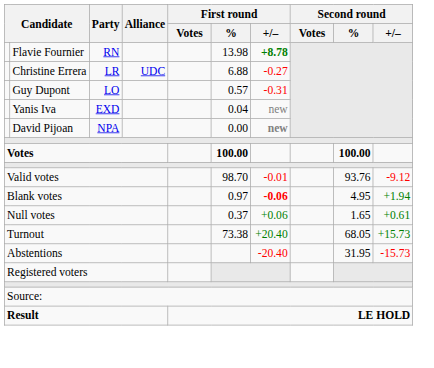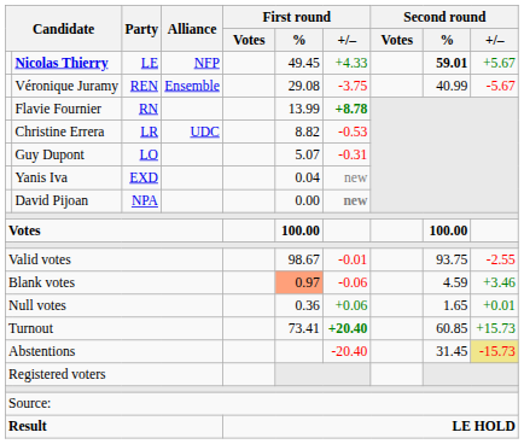 <table class="wikitable" style="text-align:right;font-size:95%;">
 <tr>
 <th rowspan="2" colspan="2">Candidate</th>
 <th colspan="1" rowspan="2">Party</th>
 <th colspan="1" rowspan="2">Alliance</th>
 <th colspan="3">First round</th>
 <th colspan="3">Second round</th>
 </tr>
 <tr>
 <th style="width:50px;">Votes</th>
 <th style="width:45px;">%</th>
 <th style="width:45px;">+/–</th>
 <th style="width:50px;">Votes</th>
 <th style="width:45px;">%</th>
 <th style="width:45px;">+/–</th>
 </tr>
 <tr>
 <td style="color:inherit;background:"></td>
+<td style="text-align:left;"><strong><a href='#'>Nicolas Thierry</a></strong></td>
+<td><a href='#'>LE</a></td>
+<td><a href='#'>NFP</a></td>
+<td></td>
+<td>49.45</td>
+<td style="color:green;">+4.33</td>
+<td><strong></strong></td>
+<td><strong>59.01</strong></td>
+<td style="color:green;">+5.67</td>
+</tr>
+<tr>
+<td style="color:inherit;background:"></td>
+<td style="text-align:left;">Véronique Juramy</td>
+<td><a href='#'>REN</a></td>
+<td><a href='#'>Ensemble</a></td>
+<td></td>
+<td>29.08</td>
+<td style="color:red;">-3.75</td>
+<td></td>
+<td>40.99</td>
+<td style="color:red;">-5.67</td>
+</tr>
+<tr>
+<td style="color:inherit;background:"></td>
 <td style="text-align:left;">Flavie Fournier</td>
 <td><a href='#'>RN</a></td>
 <td></td>
 <td></td>
-<td>13.98</td>
+<td>13.99</td>
 <td style="color:green;"><strong>+8.78</strong></td>
 <td colspan="3" rowspan="5" style="background:#E9E9E9;"></td>
 </tr>
 <tr>
 <td style="color:inherit;background:"></td>
 <td style="text-align:left;">Christine Errera</td>
 <td><a href='#'>LR</a></td>
 <td><a href='#'>UDC</a></td>
 <td></td>
-<td>6.88</td>
-<td style="color:red;">-0.27</td>
+<td>8.82</td>
+<td style="color:red;">-0.53</td>
 </tr>
 <tr>
 <td style="color:inherit;background:"></td>
 <td style="text-align:left;">Guy Dupont</td>
 <td><a href='#'>LO</a></td>
 <td></td>
 <td></td>
-<td>0.57</td>
+<td>5.07</td>
 <td style="color:red;">-0.31</td>
 </tr>
 <tr>
 <td style="color:inherit;background:"></td>
 <td style="text-align:left;">Yanis Iva</td>
 <td><a href='#'>EXD</a></td>
 <td></td>
 <td></td>
 <td>0.04</td>
 <td style="color:grey;">new</td>
 </tr>
 <tr>
 <td style="color:inherit;background:"></td>
 <td style="text-align:left;">David Pijoan</td>
 <td><a href='#'>NPA</a></td>
 <td></td>
 <td></td>
 <td>0.00</td>
 <td style="color:grey;"><strong>new</strong></td>
 </tr>
 <tr>
 <td colspan="10" style="background:#E9E9E9;"></td>
 </tr>
 <tr style="font-weight:bold;">
 <td colspan="4" style="text-align:left;">Votes</td>
 <td></td>
 <td>100.00</td>
 <td></td>
 <td></td>
 <td>100.00</td>
 <td></td>
 </tr>
 <tr>
 <td colspan="10" style="background:#E9E9E9;"></td>
 </tr>
 <tr>
 <td colspan="4" style="text-align:left;">Valid votes</td>
 <td></td>
-<td>98.70</td>
+<td>98.67</td>
 <td style="color:red;">-0.01</td>
 <td></td>
-<td>93.76</td>
-<td style="color:red;">-9.12</td>
+<td>93.75</td>
+<td style="color:red;">-2.55</td>
 </tr>
 <tr>
 <td colspan="4" style="text-align:left;">Blank votes</td>
 <td></td>
-<td>0.97</td>
-<td style="color:red;"><strong>-0.06</strong></td>
+<td style="background: lightsalmon;">0.97</td>
+<td style="color:red;">-0.06</td>
 <td></td>
-<td>4.95</td>
-<td style="color:green;">+1.94</td>
+<td>4.59</td>
+<td style="color:green;">+3.46</td>
 </tr>
 <tr>
 <td colspan="4" style="text-align:left;">Null votes</td>
 <td></td>
-<td>0.37</td>
+<td>0.36</td>
 <td style="color:green;">+0.06</td>
 <td></td>
 <td>1.65</td>
-<td style="color:green;">+0.61</td>
+<td style="color:green;">+0.01</td>
 </tr>
 <tr>
 <td colspan="4" style="text-align:left;">Turnout</td>
 <td></td>
-<td>73.38</td>
-<td style="color:green;">+20.40</td>
+<td>73.41</td>
+<td style="color:green;"><strong>+20.40</strong></td>
 <td></td>
-<td>68.05</td>
+<td>60.85</td>
 <td style="color:green;">+15.73</td>
 </tr>
 <tr>
 <td colspan="4" style="text-align:left;">Abstentions</td>
 <td></td>
 <td></td>
 <td style="color:red;">-20.40</td>
 <td></td>
-<td>31.95</td>
-<td style="color:red;">-15.73</td>
+<td>31.45</td>
+<td style="background: khaki; color:red;">-15.73</td>
 </tr>
 <tr>
 <td colspan="4" style="text-align:left;">Registered voters</td>
 <td></td>
 <td colspan="2" style="background:#E9E9E9;"></td>
 <td></td>
 <td colspan="2" style="background:#E9E9E9;"></td>
 </tr>
 <tr>
 <td colspan="10" style="background:#E9E9E9;"></td>
 </tr>
 <tr>
 <td colspan="10" style="text-align:left;">Source: </td>
 </tr>
 <tr style="font-weight:bold">
 <td colspan="4" style="text-align:left;">Result</td>
 <td colspan="6" style="background-color:">LE HOLD</td>
 </tr>
 </table>
